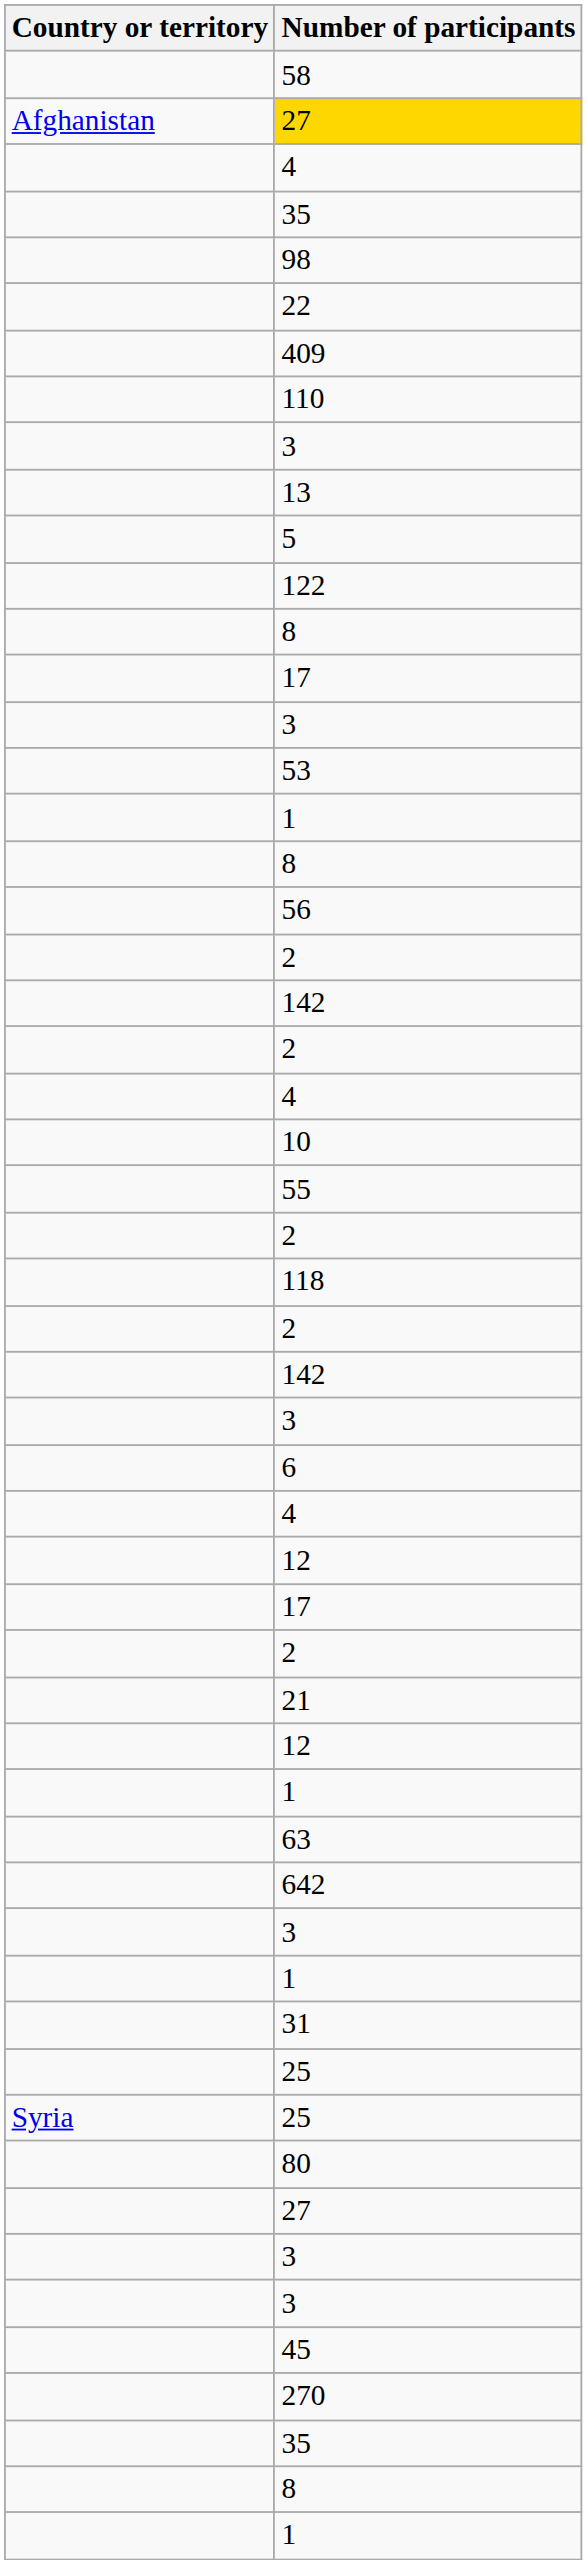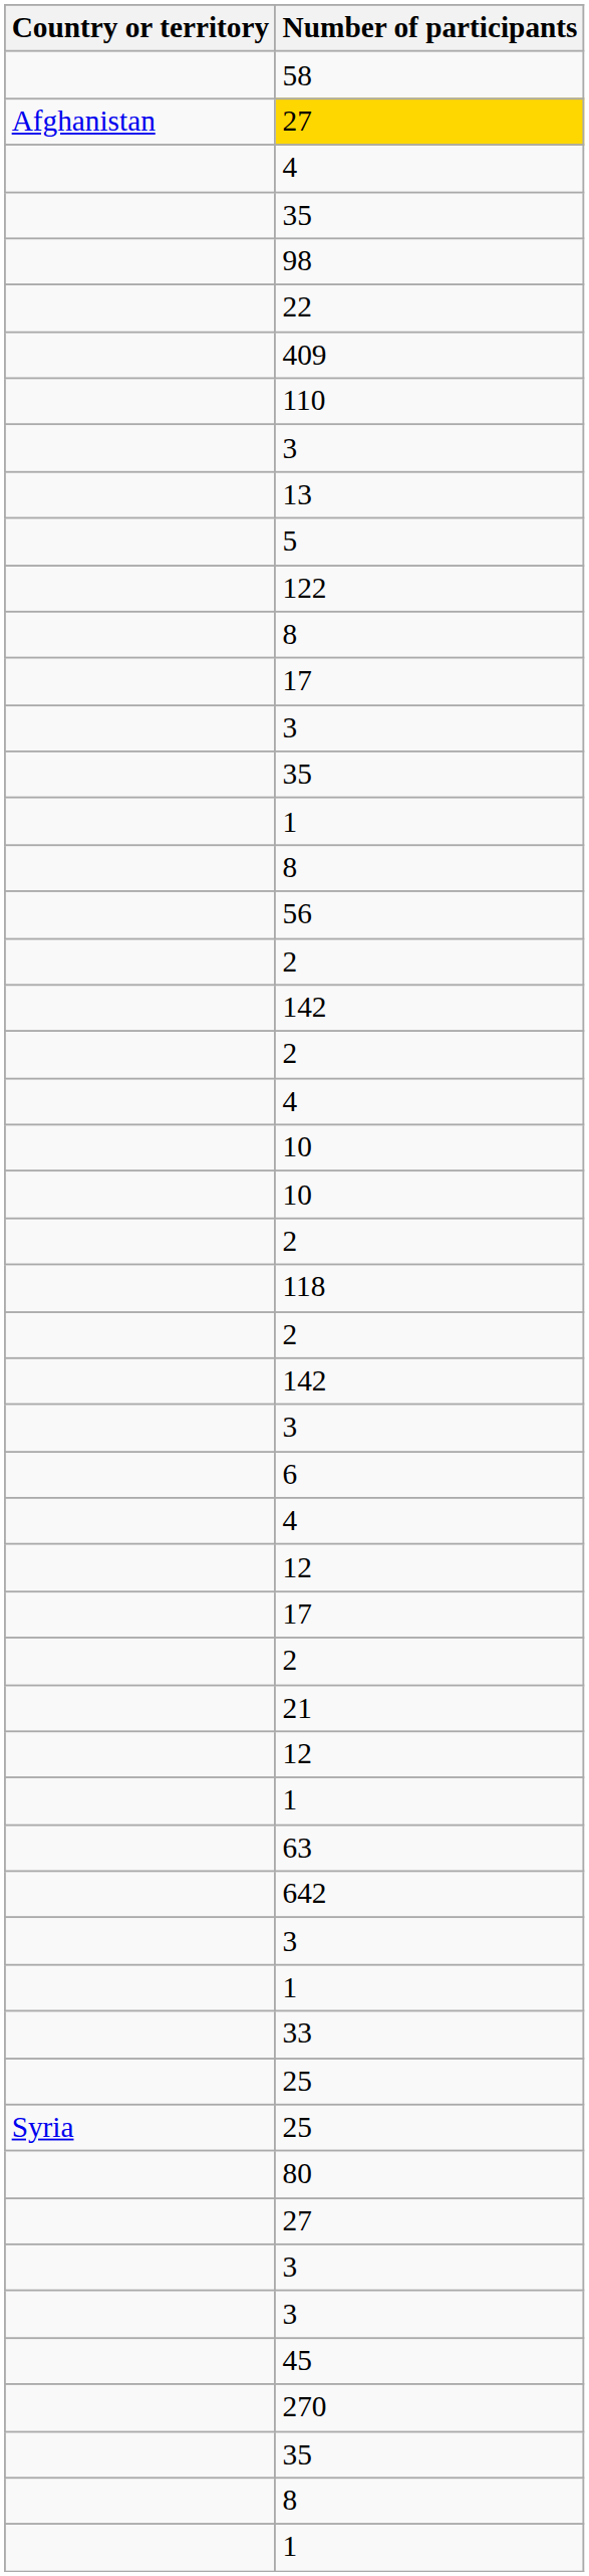 <table class="wikitable sortable">
 <tr>
 <th>Country or territory</th>
 <th>Number of participants</th>
 </tr>
 <tr>
 <td></td>
 <td>58</td>
 </tr>
 <tr>
 <td> <a href='#'>Afghanistan</a></td>
 <td style="background: gold;">27</td>
 </tr>
 <tr>
 <td></td>
 <td>4</td>
 </tr>
 <tr>
 <td></td>
 <td>35</td>
 </tr>
 <tr>
 <td></td>
 <td>98</td>
 </tr>
 <tr>
 <td></td>
 <td>22</td>
 </tr>
 <tr>
 <td></td>
 <td>409</td>
 </tr>
 <tr>
 <td></td>
 <td>110</td>
 </tr>
 <tr>
 <td></td>
 <td>3</td>
 </tr>
 <tr>
 <td></td>
 <td>13</td>
 </tr>
 <tr>
 <td></td>
 <td>5</td>
 </tr>
 <tr>
 <td></td>
 <td>122</td>
 </tr>
 <tr>
 <td></td>
 <td>8</td>
 </tr>
 <tr>
 <td></td>
 <td>17</td>
 </tr>
 <tr>
 <td></td>
 <td>3</td>
 </tr>
 <tr>
 <td></td>
-<td>53</td>
+<td>35</td>
 </tr>
 <tr>
 <td></td>
 <td>1</td>
 </tr>
 <tr>
 <td></td>
 <td>8</td>
 </tr>
 <tr>
 <td></td>
 <td>56</td>
 </tr>
 <tr>
 <td></td>
 <td>2</td>
 </tr>
 <tr>
 <td></td>
 <td>142</td>
 </tr>
 <tr>
 <td></td>
 <td>2</td>
 </tr>
 <tr>
 <td></td>
 <td>4</td>
 </tr>
 <tr>
 <td></td>
 <td>10</td>
 </tr>
 <tr>
 <td></td>
-<td>55</td>
+<td>10</td>
 </tr>
 <tr>
 <td></td>
 <td>2</td>
 </tr>
 <tr>
 <td></td>
 <td>118</td>
 </tr>
 <tr>
 <td></td>
 <td>2</td>
 </tr>
 <tr>
 <td></td>
 <td>142</td>
 </tr>
 <tr>
 <td></td>
 <td>3</td>
 </tr>
 <tr>
 <td></td>
 <td>6</td>
 </tr>
 <tr>
 <td></td>
 <td>4</td>
 </tr>
 <tr>
 <td></td>
 <td>12</td>
 </tr>
 <tr>
 <td></td>
 <td>17</td>
 </tr>
 <tr>
 <td></td>
 <td>2</td>
 </tr>
 <tr>
 <td></td>
 <td>21</td>
 </tr>
 <tr>
 <td></td>
 <td>12</td>
 </tr>
 <tr>
 <td></td>
 <td>1</td>
 </tr>
 <tr>
 <td></td>
 <td>63</td>
 </tr>
 <tr>
 <td></td>
 <td>642</td>
 </tr>
 <tr>
 <td></td>
 <td>3</td>
 </tr>
 <tr>
 <td></td>
 <td>1</td>
 </tr>
 <tr>
 <td></td>
-<td>31</td>
+<td>33</td>
 </tr>
 <tr>
 <td></td>
 <td>25</td>
 </tr>
 <tr>
 <td> <a href='#'>Syria</a></td>
 <td>25</td>
 </tr>
 <tr>
 <td></td>
 <td>80</td>
 </tr>
 <tr>
 <td></td>
 <td>27</td>
 </tr>
 <tr>
 <td></td>
 <td>3</td>
 </tr>
 <tr>
 <td></td>
 <td>3</td>
 </tr>
 <tr>
 <td></td>
 <td>45</td>
 </tr>
 <tr>
 <td></td>
 <td>270</td>
 </tr>
 <tr>
 <td></td>
 <td>35</td>
 </tr>
 <tr>
 <td></td>
 <td>8</td>
 </tr>
 <tr>
 <td></td>
 <td>1</td>
 </tr>
 </table>
